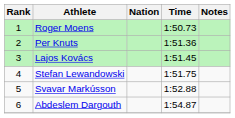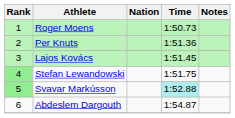 <table class="wikitable sortable" style="text-align:center">
 <tr>
 <th>Rank</th>
 <th>Athlete</th>
 <th>Nation</th>
 <th>Time</th>
 <th>Notes</th>
 </tr>
 <tr bgcolor=bbf3bb>
 <td>1</td>
 <td align=left><a href='#'>Roger Moens</a></td>
 <td align=left></td>
 <td>1:50.73</td>
 <td></td>
 </tr>
 <tr bgcolor=bbf3bb>
 <td>2</td>
 <td align=left><a href='#'>Per Knuts</a></td>
 <td align=left></td>
 <td>1:51.36</td>
 <td></td>
 </tr>
 <tr bgcolor=bbf3bb>
 <td>3</td>
 <td align=left><a href='#'>Lajos Kovács</a></td>
 <td align=left></td>
 <td>1:51.45</td>
 <td></td>
 </tr>
 <tr>
-<td>4</td>
+<td style="background: lightgreen;">4</td>
 <td align=left><a href='#'>Stefan Lewandowski</a></td>
 <td align=left></td>
 <td>1:51.75</td>
 <td></td>
 </tr>
 <tr>
-<td>5</td>
+<td style="background: lightgreen;">5</td>
 <td align=left><a href='#'>Svavar Markússon</a></td>
 <td align=left></td>
-<td>1:52.88</td>
+<td style="background: paleturquoise;">1:52.88</td>
 <td></td>
 </tr>
 <tr>
 <td>6</td>
 <td align=left><a href='#'>Abdeslem Dargouth</a></td>
 <td align=left></td>
 <td>1:54.87</td>
 <td></td>
 </tr>
 <tr>
 </tr>
 </table>
